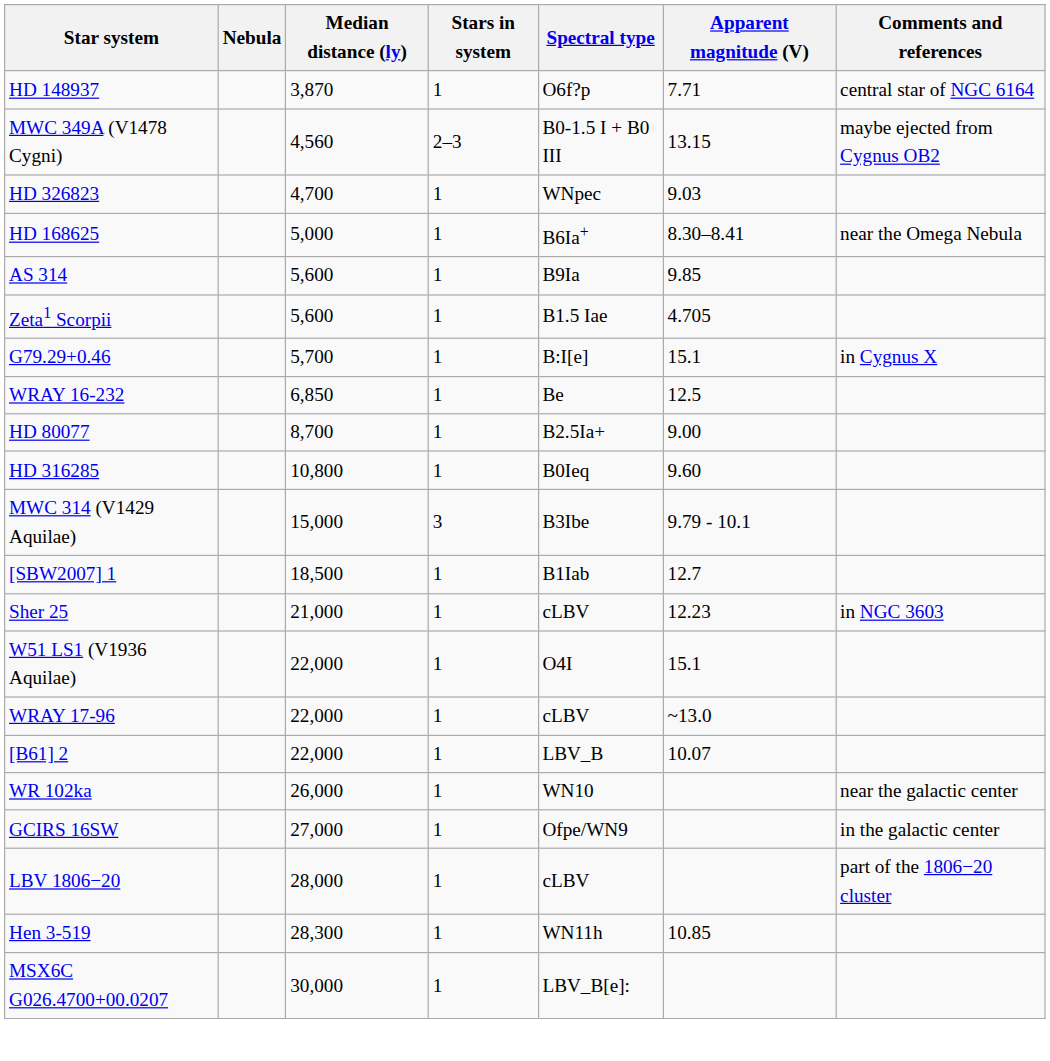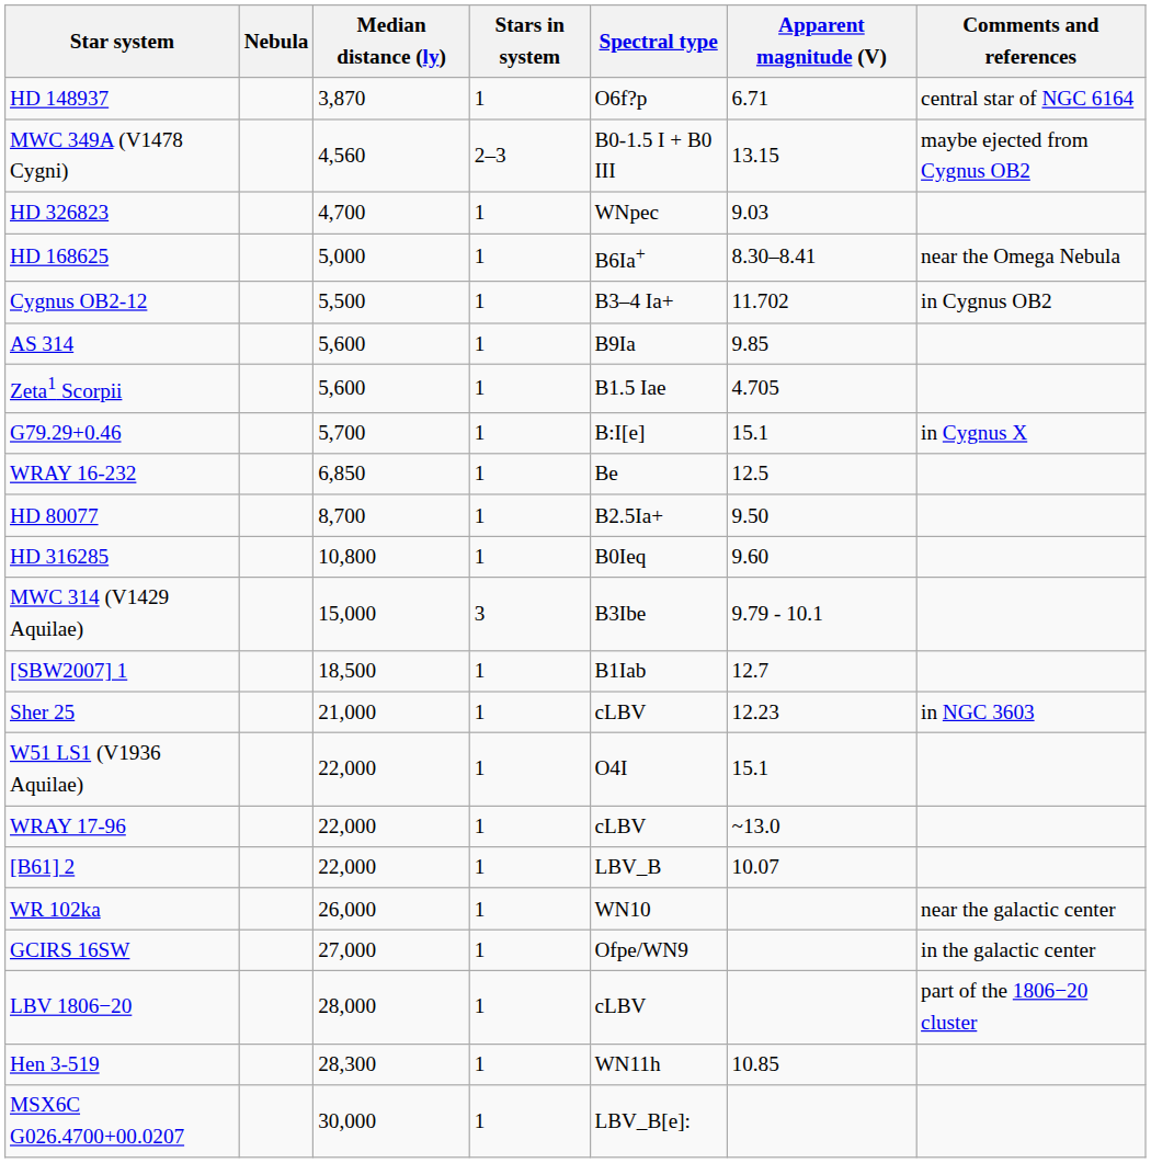 <table class="wikitable sortable" style="font-size:1.00em; line-height:1.5em; position:relative;">
 <tr>
 <th scope="col">Star system</th>
 <th>Nebula</th>
 <th>Median distance (<a href='#'>ly</a>)</th>
 <th scope="col">Stars in system</th>
 <th scope="col"><a href='#'>Spectral type</a></th>
 <th scope="col"><a href='#'>Apparent magnitude</a> (V)</th>
 <th scope="col">Comments and references</th>
 </tr>
 <tr>
 <td><a href='#'>HD 148937</a></td>
 <td></td>
 <td>3,870</td>
 <td>1</td>
 <td style="background: ">O6f?p</td>
-<td>7.71</td>
+<td>6.71</td>
 <td> central star of <a href='#'>NGC 6164</a></td>
 </tr>
 <tr>
 <td><a href='#'>MWC 349A</a> (V1478 Cygni)</td>
 <td></td>
 <td>4,560</td>
 <td>2–3</td>
 <td style="background: ">B0-1.5 I + B0 III</td>
 <td>13.15</td>
 <td> maybe ejected from <a href='#'>Cygnus OB2</a></td>
 </tr>
 <tr>
 <td><a href='#'>HD 326823</a></td>
 <td></td>
 <td>4,700</td>
 <td>1</td>
 <td style="background: ">WNpec</td>
 <td>9.03</td>
 <td></td>
 </tr>
 <tr>
 <td><a href='#'>HD 168625</a></td>
 <td></td>
 <td>5,000</td>
 <td>1</td>
 <td style="background: ">B6Ia<sup>+</sup></td>
 <td>8.30–8.41</td>
 <td> near the Omega Nebula</td>
+</tr>
+<tr>
+<td><a href='#'>Cygnus OB2-12</a></td>
+<td></td>
+<td>5,500</td>
+<td>1</td>
+<td style="background: ">B3–4 Ia+</td>
+<td>11.702</td>
+<td> in Cygnus OB2</td>
 </tr>
 <tr>
 <td><a href='#'>AS 314</a></td>
 <td></td>
 <td>5,600</td>
 <td>1</td>
 <td style="background: ">B9Ia</td>
 <td>9.85</td>
 <td></td>
 </tr>
 <tr>
 <td><a href='#'>Zeta<sup>1</sup> Scorpii</a></td>
 <td></td>
 <td>5,600</td>
 <td>1</td>
 <td style="background: ">B1.5 Iae</td>
 <td>4.705</td>
 <td></td>
 </tr>
 <tr>
 <td><a href='#'>G79.29+0.46</a></td>
 <td></td>
 <td>5,700</td>
 <td>1</td>
 <td style="background: ">B:I[e]</td>
 <td>15.1</td>
 <td> in <a href='#'>Cygnus X</a></td>
 </tr>
 <tr>
 <td><a href='#'>WRAY 16-232</a></td>
 <td></td>
 <td>6,850</td>
 <td>1</td>
 <td style="background: ">Be</td>
 <td>12.5</td>
 <td></td>
 </tr>
 <tr>
 <td><a href='#'>HD 80077</a></td>
 <td></td>
 <td>8,700</td>
 <td>1</td>
 <td style="background: ">B2.5Ia+</td>
-<td>9.00</td>
+<td>9.50</td>
 <td></td>
 </tr>
 <tr>
 <td><a href='#'>HD 316285</a></td>
 <td></td>
 <td>10,800</td>
 <td>1</td>
 <td style="background: ">B0Ieq</td>
 <td>9.60</td>
 <td></td>
 </tr>
 <tr>
 <td><a href='#'>MWC 314</a> (V1429 Aquilae)</td>
 <td></td>
 <td>15,000</td>
 <td>3</td>
 <td style="background: ">B3Ibe</td>
 <td>9.79 - 10.1</td>
 <td></td>
 </tr>
 <tr>
 <td><a href='#'>[SBW2007] 1</a></td>
 <td></td>
 <td>18,500</td>
 <td>1</td>
 <td style="background: ">B1Iab</td>
 <td>12.7</td>
 <td></td>
 </tr>
 <tr>
 <td><a href='#'>Sher 25</a></td>
 <td></td>
 <td>21,000</td>
 <td>1</td>
 <td>cLBV</td>
 <td>12.23</td>
 <td> in <a href='#'>NGC 3603</a></td>
 </tr>
 <tr>
 <td><a href='#'>W51 LS1</a> (V1936 Aquilae)</td>
 <td></td>
 <td>22,000</td>
 <td>1</td>
 <td style="background: ">O4I</td>
 <td>15.1</td>
 <td></td>
 </tr>
 <tr>
 <td><a href='#'>WRAY 17-96</a></td>
 <td></td>
 <td>22,000</td>
 <td>1</td>
 <td>cLBV</td>
 <td>~13.0</td>
 <td></td>
 </tr>
 <tr>
 <td><a href='#'>[B61] 2</a></td>
 <td></td>
 <td>22,000</td>
 <td>1</td>
 <td>LBV_B</td>
 <td>10.07</td>
 <td></td>
 </tr>
 <tr>
 <td><a href='#'>WR 102ka</a></td>
 <td></td>
 <td>26,000</td>
 <td>1</td>
 <td style="background: ">WN10</td>
 <td></td>
 <td> near the galactic center</td>
 </tr>
 <tr>
 <td><a href='#'>GCIRS 16SW</a></td>
 <td></td>
 <td>27,000</td>
 <td>1</td>
 <td style="background: ">Ofpe/WN9</td>
 <td></td>
 <td> in the galactic center</td>
 </tr>
 <tr>
 <td><a href='#'>LBV 1806−20</a></td>
 <td></td>
 <td>28,000</td>
 <td>1</td>
 <td>cLBV</td>
 <td></td>
 <td> part of the <a href='#'>1806−20 cluster</a></td>
 </tr>
 <tr>
 <td><a href='#'>Hen 3-519</a></td>
 <td></td>
 <td>28,300</td>
 <td>1</td>
 <td style="background: ">WN11h</td>
 <td>10.85</td>
 <td></td>
 </tr>
 <tr>
 <td><a href='#'>MSX6C G026.4700+00.0207</a></td>
 <td></td>
 <td>30,000</td>
 <td>1</td>
 <td>LBV_B[e]:</td>
 <td></td>
 <td></td>
 </tr>
 </table>
